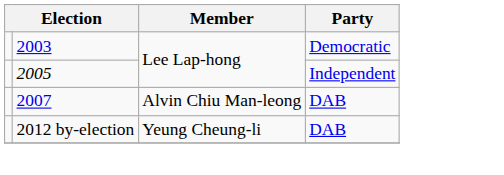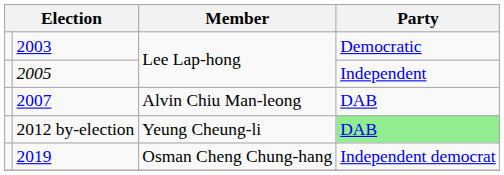 <table class="wikitable">
 <tr>
 <th colspan="2">Election</th>
 <th>Member</th>
 <th>Party</th>
 </tr>
 <tr>
 <td style="background-color: "></td>
 <td><a href='#'>2003</a></td>
 <td rowspan=2>Lee Lap-hong</td>
 <td><a href='#'>Democratic</a></td>
 </tr>
 <tr>
 <td style="background-color: "></td>
 <td><em>2005</em></td>
 <td><a href='#'>Independent</a></td>
 </tr>
 <tr>
 <td style="background-color: "></td>
 <td><a href='#'>2007</a></td>
 <td>Alvin Chiu Man-leong</td>
 <td><a href='#'>DAB</a></td>
 </tr>
 <tr>
 <td style="background-color: "></td>
 <td>2012 by-election</td>
 <td>Yeung Cheung-li</td>
-<td><a href='#'>DAB</a></td>
+<td style="background: lightgreen;"><a href='#'>DAB</a></td>
+</tr>
+<tr>
+<td style="background-color: "></td>
+<td><a href='#'>2019</a></td>
+<td>Osman Cheng Chung-hang</td>
+<td><a href='#'>Independent democrat</a></td>
 </tr>
 <tr>
 </tr>
 </table>
